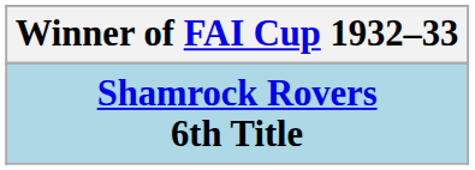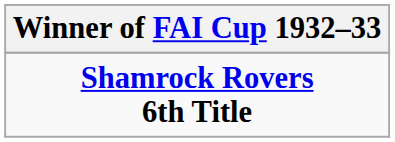 <table class="wikitable" style="text-align: center; margin: 0 auto;">
 <tr>
 <th>Winner of <a href='#'>FAI Cup</a> 1932–33</th>
 </tr>
 <tr>
 </tr>
 <tr>
-<td style="background: lightblue;"><strong><a href='#'>Shamrock Rovers</a></strong><br><strong>6th Title</strong></td>
+<td><strong><a href='#'>Shamrock Rovers</a></strong><br><strong>6th Title</strong></td>
 </tr>
 </table>
